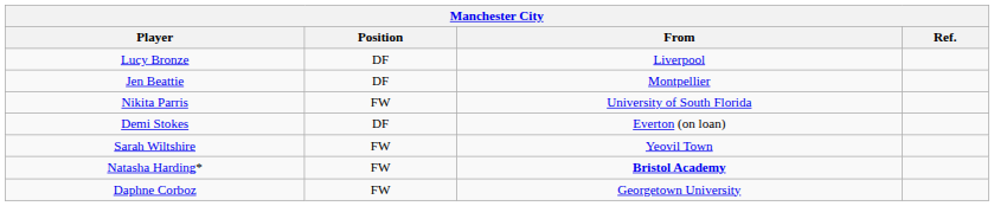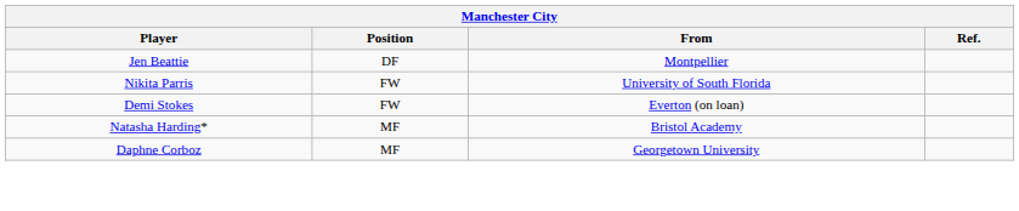 <table class="wikitable sortable collapsible collapsed" style="font-size:95%; text-align: center; width: 90%;">
 <tr>
 <th colspan="4"  style="with:100%; text-align:center;"><strong><a href='#'>Manchester City</a></strong></th>
 </tr>
 <tr>
 <th>Player</th>
 <th>Position</th>
 <th>From</th>
 <th>Ref.</th>
-</tr>
-<tr>
-<td> <a href='#'>Lucy Bronze</a></td>
-<td>DF</td>
-<td><a href='#'>Liverpool</a></td>
-<td></td>
 </tr>
 <tr>
 <td> <a href='#'>Jen Beattie</a></td>
 <td>DF</td>
 <td><a href='#'>Montpellier</a></td>
 <td></td>
 </tr>
 <tr>
 <td> <a href='#'>Nikita Parris</a></td>
 <td>FW</td>
 <td><a href='#'>University of South Florida</a></td>
 <td></td>
 </tr>
 <tr>
 <td> <a href='#'>Demi Stokes</a></td>
-<td>DF</td>
+<td>FW</td>
 <td><a href='#'>Everton</a> (on loan)</td>
 <td></td>
 </tr>
 <tr>
-<td> <a href='#'>Sarah Wiltshire</a></td>
-<td>FW</td>
-<td><a href='#'>Yeovil Town</a></td>
-<td></td>
-</tr>
-<tr>
 <td> <a href='#'>Natasha Harding</a>*</td>
-<td>FW</td>
-<td><strong><a href='#'>Bristol Academy</a></strong></td>
+<td>MF</td>
+<td><a href='#'>Bristol Academy</a></td>
 <td></td>
 </tr>
 <tr>
 <td> <a href='#'>Daphne Corboz</a></td>
-<td>FW</td>
+<td>MF</td>
 <td><a href='#'>Georgetown University</a></td>
 <td></td>
 </tr>
 </table>
